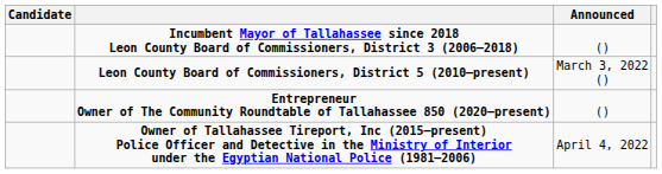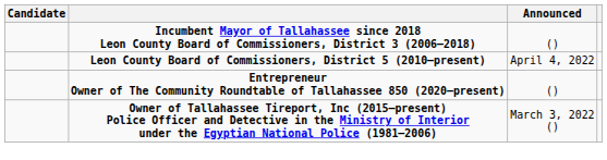 <table class="wikitable sortable" style="text-align:center">
 <tr>
 <th>Candidate</th>
 <th class="unsortable"></th>
 <th>Announced</th>
 <th class="unsortable"></th>
 </tr>
 <tr>
 <td></td>
 <td><strong>Incumbent <a href='#'>Mayor of Tallahassee</a> since 2018</strong><br><strong>Leon County Board of Commissioners, District 3 (2006–2018)</strong></td>
 <td><br>()</td>
 <td></td>
 </tr>
 <tr>
 <td></td>
 <td><strong>Leon County Board of Commissioners, District 5 (2010–present)</strong></td>
-<td>March 3, 2022<br>()</td>
+<td>April 4, 2022</td>
 <td></td>
 </tr>
 <tr>
 <td></td>
 <td><strong>Entrepreneur<br>Owner of The Community Roundtable of Tallahassee 850 (2020–present)</strong></td>
 <td><br>()</td>
 <td></td>
 </tr>
 <tr>
 <td></td>
 <td><strong>Owner of Tallahassee Tireport, Inc (2015–present)<br>Police Officer and Detective in the <a href='#'>Ministry of Interior</a><br>under the <a href='#'>Egyptian National Police</a> (1981–2006)</strong></td>
-<td>April 4, 2022</td>
+<td>March 3, 2022<br>()</td>
 <td></td>
 </tr>
 </table>
